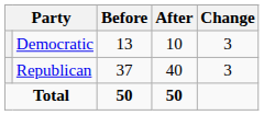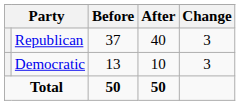 <table class="wikitable" style="text-align:center;">
 <tr>
 </tr>
 <tr>
 <th colspan=2>Party</th>
 <th>Before</th>
 <th>After</th>
 <th>Change</th>
 </tr>
 <tr>
 <th style="background-color:"></th>
-<td style="text-align:left;"><a href='#'>Democratic</a></td>
-<td>13</td>
-<td>10</td>
+<td style="text-align:left;"><a href='#'>Republican</a></td>
+<td>37</td>
+<td>40</td>
 <td> 3</td>
 </tr>
 <tr>
 <th style="background-color:"></th>
-<td style="text-align:left;"><a href='#'>Republican</a></td>
-<td>37</td>
-<td>40</td>
+<td style="text-align:left;"><a href='#'>Democratic</a></td>
+<td>13</td>
+<td>10</td>
 <td> 3</td>
 </tr>
 <tr>
 <td colspan=2><strong>Total</strong></td>
 <td><strong>50</strong></td>
 <td><strong>50</strong></td>
 <td></td>
 </tr>
 </table>
